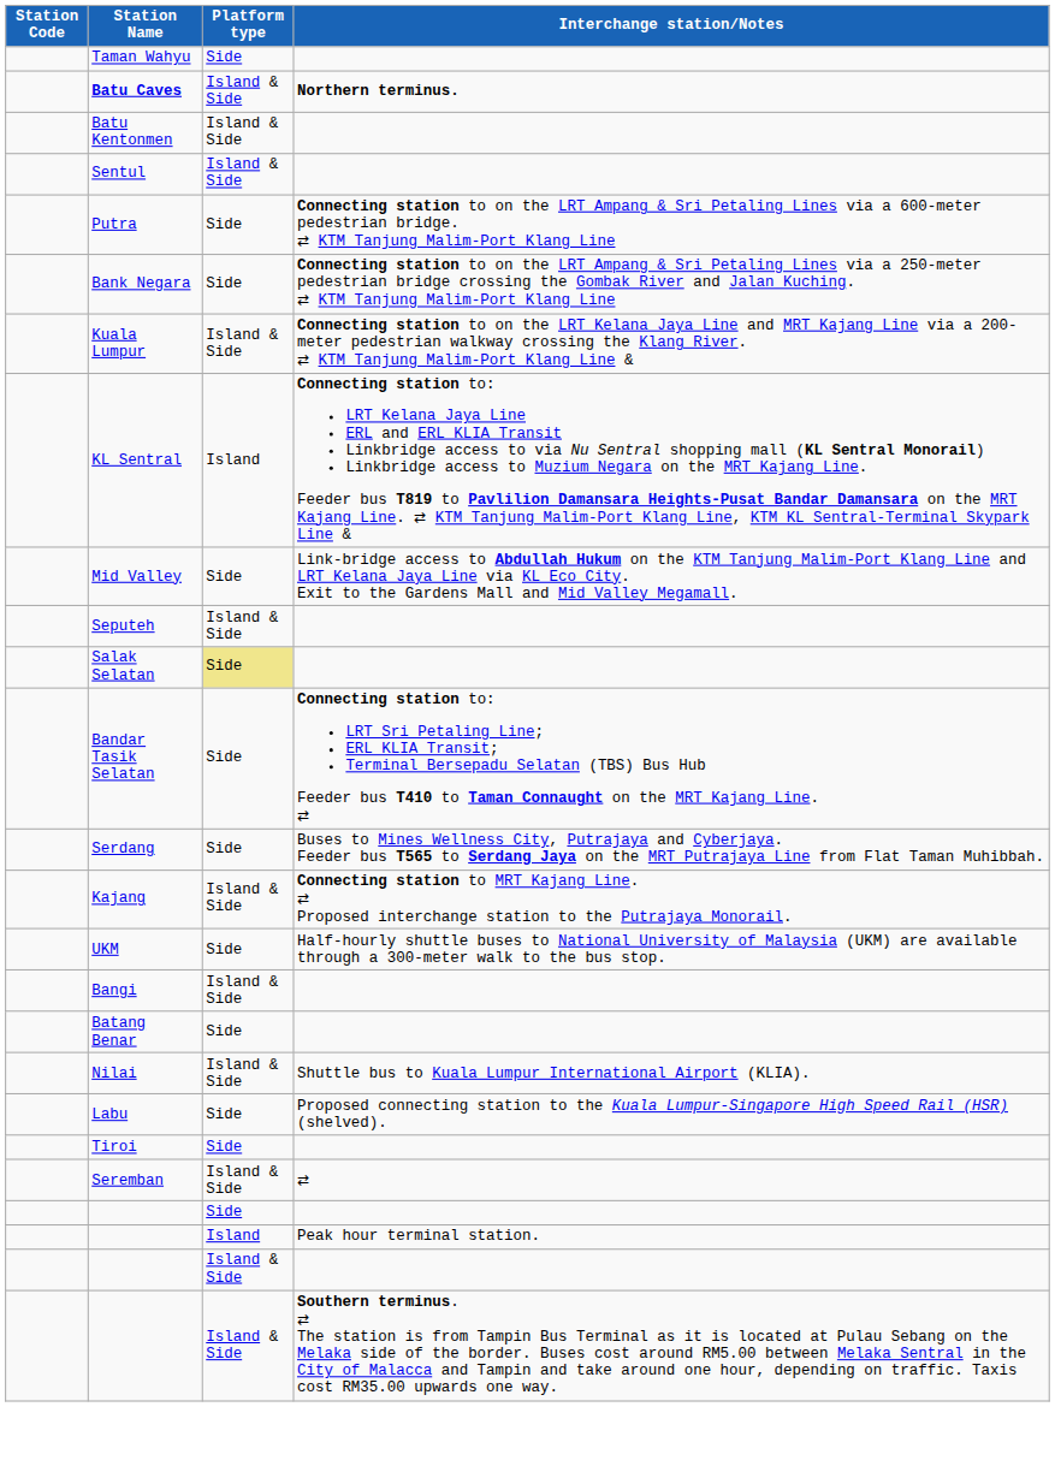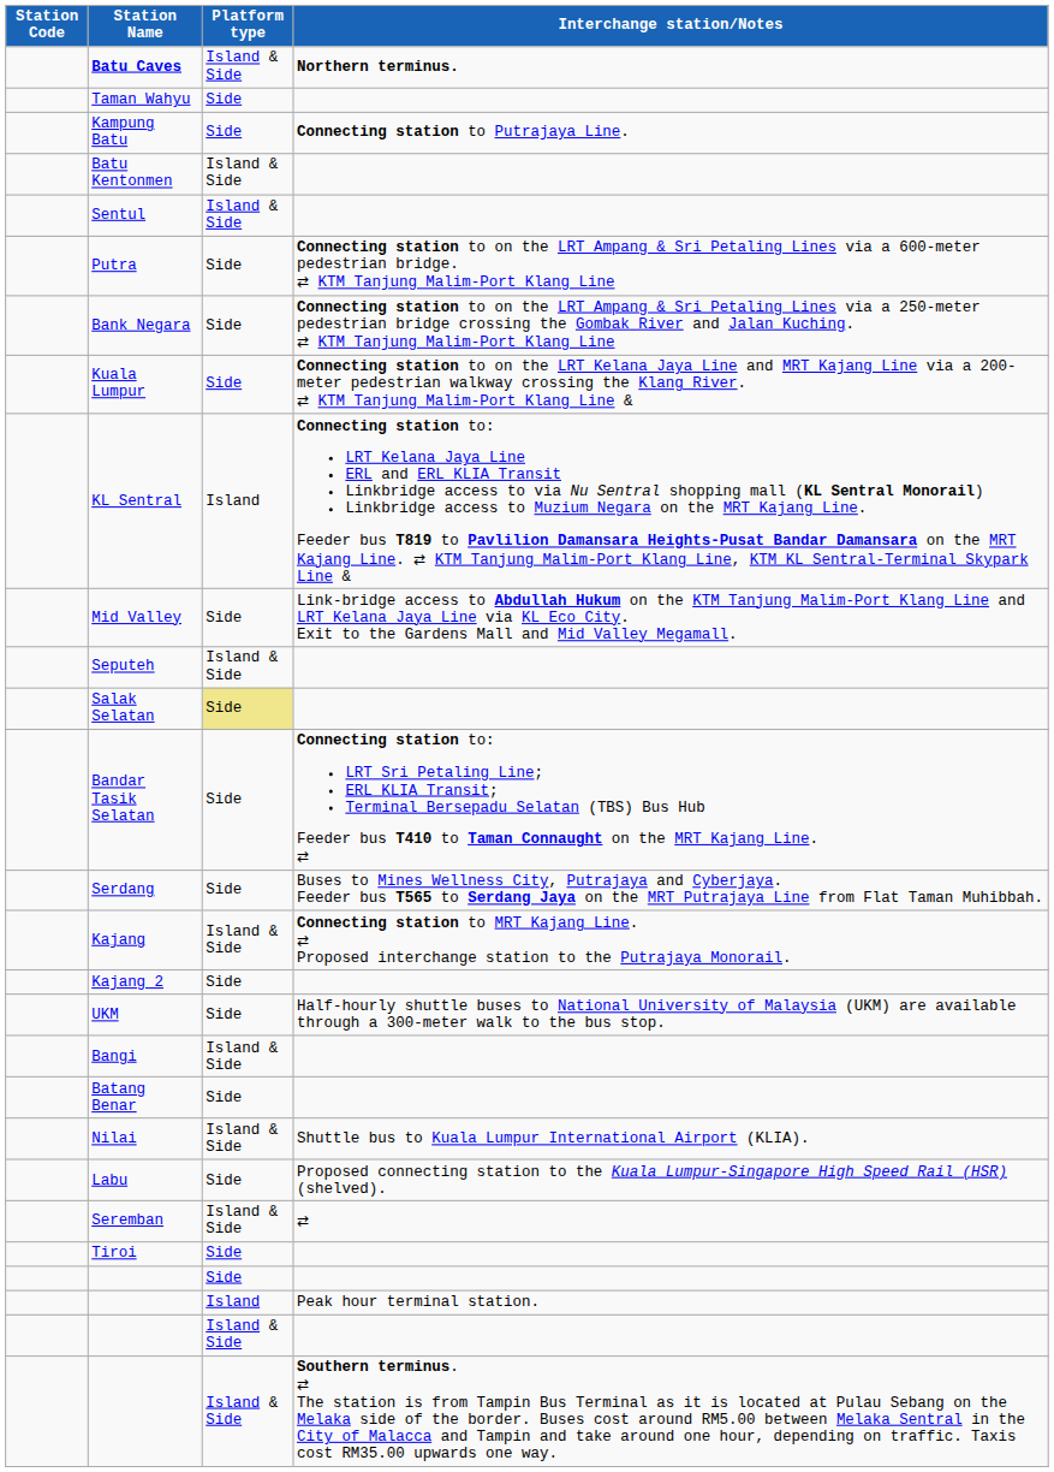 <table class="wikitable sortable" style="margin-left:1em; margin-bottom:1em; color:black; font-size:95%;">
 <tr style="background:#1964b7; text-align:center; color:white;">
 <td><strong>Station Code</strong></td>
 <td><strong>Station Name</strong></td>
 <td><strong>Platform type</strong></td>
 <td><strong>Interchange station/Notes</strong></td>
 </tr>
 <tr>
 <td></td>
+<td><strong><a href='#'>Batu Caves</a></strong></td>
+<td><a href='#'>Island</a> & <a href='#'>Side</a></td>
+<td><strong>Northern terminus.</strong></td>
+</tr>
+<tr>
+<td></td>
 <td><a href='#'>Taman Wahyu</a></td>
 <td><a href='#'>Side</a></td>
 <td></td>
 </tr>
 <tr>
 <td></td>
-<td><strong><a href='#'>Batu Caves</a></strong></td>
-<td><a href='#'>Island</a> & <a href='#'>Side</a></td>
-<td><strong>Northern terminus.</strong></td>
+<td><a href='#'>Kampung Batu</a></td>
+<td><a href='#'>Side</a></td>
+<td><strong>Connecting station</strong> to  <a href='#'>Putrajaya Line</a>.</td>
 </tr>
 <tr>
 <td></td>
 <td><a href='#'>Batu Kentonmen</a></td>
 <td>Island & Side</td>
 <td></td>
 </tr>
 <tr>
 <td></td>
 <td><a href='#'>Sentul</a></td>
 <td><a href='#'>Island</a> & <a href='#'>Side</a></td>
 <td></td>
 </tr>
 <tr>
 <td></td>
 <td><a href='#'>Putra</a></td>
 <td>Side</td>
 <td><strong>Connecting station</strong> to  <strong></strong> on the <a href='#'>LRT Ampang & Sri Petaling Lines</a> via a 600-meter pedestrian bridge.<br>⇄ <a href='#'>KTM Tanjung Malim-Port Klang Line</a></td>
 </tr>
 <tr>
 <td></td>
 <td><a href='#'>Bank Negara</a></td>
 <td>Side</td>
 <td><strong>Connecting station</strong> to  <strong></strong> on the <a href='#'>LRT Ampang & Sri Petaling Lines</a> via a 250-meter pedestrian bridge crossing the <a href='#'>Gombak River</a> and <a href='#'>Jalan Kuching</a>.<br>⇄ <a href='#'>KTM Tanjung Malim-Port Klang Line</a></td>
 </tr>
 <tr>
 <td></td>
 <td><a href='#'>Kuala Lumpur</a></td>
-<td>Island & Side</td>
+<td><a href='#'>Side</a></td>
 <td><strong>Connecting station</strong> to   on the <a href='#'>LRT Kelana Jaya Line</a> and <a href='#'>MRT Kajang Line</a> via a 200-meter pedestrian walkway crossing the <a href='#'>Klang River</a>.<br>⇄ <a href='#'>KTM Tanjung Malim-Port Klang Line</a> & </td>
 </tr>
 <tr>
 <td></td>
 <td><a href='#'>KL Sentral</a></td>
 <td>Island</td>
 <td><strong>Connecting station</strong> to:<br><ul><li> <a href='#'>LRT Kelana Jaya Line</a></li><li> <a href='#'>ERL</a>  and <a href='#'>ERL KLIA Transit</a></li><li>Linkbridge access to   via <em>Nu Sentral</em> shopping mall (<strong>KL Sentral Monorail</strong>)</li><li>Linkbridge access to  <a href='#'>Muzium Negara</a> on the <a href='#'>MRT Kajang Line</a>.</li></ul>Feeder bus <strong>T819</strong> to  <strong><a href='#'>Pavlilion Damansara Heights-Pusat Bandar Damansara</a></strong> on the <a href='#'>MRT Kajang Line</a>. ⇄ <a href='#'>KTM Tanjung Malim-Port Klang Line</a>,  <a href='#'>KTM KL Sentral-Terminal Skypark Line</a> & </td>
 </tr>
 <tr>
 <td></td>
 <td><a href='#'>Mid Valley</a></td>
 <td>Side</td>
 <td>Link-bridge access to  <a href='#'><strong>Abdullah Hukum</strong></a> on the <a href='#'>KTM Tanjung Malim-Port Klang Line</a> and <a href='#'>LRT Kelana Jaya Line</a> via <a href='#'>KL Eco City</a>.<br>Exit to the Gardens Mall and <a href='#'>Mid Valley Megamall</a>.</td>
 </tr>
 <tr>
 <td></td>
 <td><a href='#'>Seputeh</a></td>
 <td>Island & Side</td>
 <td></td>
 </tr>
 <tr>
 <td></td>
 <td><a href='#'>Salak Selatan</a></td>
 <td style="background: khaki;">Side</td>
 <td></td>
 </tr>
 <tr>
 <td></td>
 <td><a href='#'>Bandar Tasik Selatan</a></td>
 <td>Side</td>
 <td><strong>Connecting</strong> <strong>station</strong> to:<br><ul><li> <a href='#'>LRT Sri Petaling Line</a>;</li><li> <a href='#'>ERL KLIA Transit</a>;</li><li><a href='#'>Terminal Bersepadu Selatan</a> (TBS) Bus Hub</li></ul>Feeder bus <strong>T410</strong> to  <a href='#'><strong>Taman Connaught</strong></a> on the <a href='#'>MRT Kajang Line</a>.<br>⇄ </td>
 </tr>
 <tr>
 <td></td>
 <td><a href='#'>Serdang</a></td>
 <td>Side</td>
 <td>Buses to <a href='#'>Mines Wellness City</a>, <a href='#'>Putrajaya</a> and <a href='#'>Cyberjaya</a>.<br>Feeder bus <strong>T565</strong> to  <a href='#'><strong>Serdang Jaya</strong></a> on the <a href='#'>MRT Putrajaya Line</a> from Flat Taman Muhibbah.</td>
 </tr>
 <tr>
 <td></td>
 <td><a href='#'>Kajang</a></td>
 <td>Island & Side</td>
 <td><strong>Connecting station</strong> to  <a href='#'>MRT Kajang Line</a>.<br>⇄ <br>Proposed interchange station to the  <a href='#'>Putrajaya Monorail</a>.</td>
 </tr>
 <tr>
 <td></td>
+<td><a href='#'>Kajang 2</a></td>
+<td>Side</td>
+<td></td>
+</tr>
+<tr>
+<td></td>
 <td><a href='#'>UKM</a></td>
 <td>Side</td>
 <td>Half-hourly shuttle buses to <a href='#'>National University of Malaysia</a> (UKM) are available through a 300-meter walk to the bus stop.</td>
 </tr>
 <tr>
 <td></td>
 <td><a href='#'>Bangi</a></td>
 <td>Island & Side</td>
 <td></td>
 </tr>
 <tr>
 <td></td>
 <td><a href='#'>Batang Benar</a></td>
 <td>Side</td>
 <td></td>
 </tr>
 <tr>
 <td></td>
 <td><a href='#'>Nilai</a></td>
 <td>Island & Side</td>
 <td>Shuttle bus to <a href='#'>Kuala Lumpur International Airport</a> (KLIA).</td>
 </tr>
 <tr>
 <td></td>
 <td><a href='#'>Labu</a></td>
 <td>Side</td>
 <td>Proposed connecting station to the  <a href='#'><em>Kuala Lumpur-Singapore High Speed Rail (HSR)</em></a> (shelved).</td>
 </tr>
 <tr>
 <td></td>
+<td><a href='#'>Seremban</a></td>
+<td>Island & Side</td>
+<td>⇄ </td>
+</tr>
+<tr>
+<td></td>
 <td><a href='#'>Tiroi</a></td>
 <td><a href='#'>Side</a></td>
 <td></td>
-</tr>
-<tr>
-<td></td>
-<td><a href='#'>Seremban</a></td>
-<td>Island & Side</td>
-<td>⇄ </td>
 </tr>
 <tr>
 <td></td>
 <td></td>
 <td><a href='#'>Side</a></td>
 <td></td>
 </tr>
 <tr>
 <td></td>
 <td></td>
 <td><a href='#'>Island</a></td>
 <td>Peak hour terminal station.</td>
 </tr>
 <tr>
 <td></td>
 <td></td>
 <td><a href='#'>Island</a> & <a href='#'>Side</a></td>
 <td></td>
 </tr>
 <tr>
 <td></td>
 <td><strong></strong></td>
 <td><a href='#'>Island</a> & <a href='#'>Side</a></td>
 <td><strong>Southern terminus</strong>.<br>⇄ <br>The station is  from Tampin Bus Terminal as it is located at Pulau Sebang on the <a href='#'>Melaka</a> side of the border. Buses cost around RM5.00 between <a href='#'>Melaka Sentral</a> in the <a href='#'>City of Malacca</a> and Tampin and take around one hour, depending on traffic. Taxis cost RM35.00 upwards one way.</td>
 </tr>
 </table>
